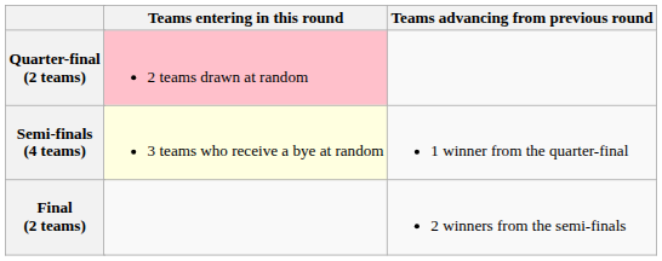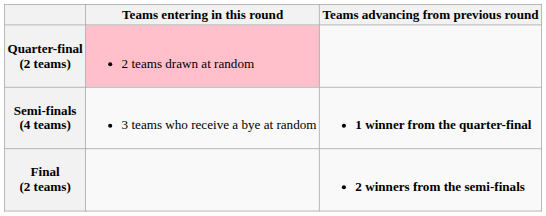 <table class="wikitable">
 <tr>
 <th colspan=2></th>
 <th>Teams entering in this round</th>
 <th>Teams advancing from previous round</th>
 </tr>
 <tr>
 <th colspan=2>Quarter-final<br>(2 teams)</th>
 <td style="background: pink;"><br><ul><li>2 teams drawn at random</li></ul></td>
 <td></td>
 </tr>
 <tr>
 <th colspan=2>Semi-finals<br>(4 teams)</th>
-<td style="background: lightyellow;"><br><ul><li>3 teams who receive a bye at random</li></ul></td>
-<td><br><ul><li>1 winner from the quarter-final</li></ul></td>
+<td><br><ul><li>3 teams who receive a bye at random</li></ul></td>
+<td><strong><br><ul><li>1 winner from the quarter-final</li></ul></strong></td>
 </tr>
 <tr>
 <th colspan=2>Final<br>(2 teams)</th>
 <td></td>
-<td><br><ul><li>2 winners from the semi-finals</li></ul></td>
+<td><strong><br><ul><li>2 winners from the semi-finals</li></ul></strong></td>
 </tr>
 </table>
